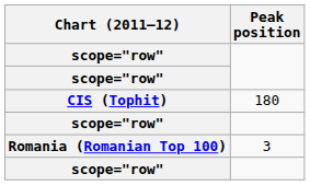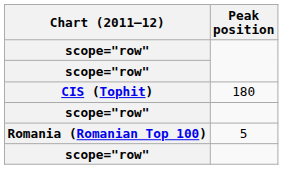 <table class="wikitable plainrowheaders sortable" style="text-align:center;">
 <tr>
 <th scope="col">Chart (2011–12)</th>
 <th scope="col">Peak<br>position</th>
 </tr>
 <tr>
 <th>scope="row"</th>
 </tr>
 <tr>
 <th>scope="row"</th>
 </tr>
 <tr>
 <th scope="row"><a href='#'>CIS</a> (<a href='#'>Tophit</a>)</th>
 <td>180</td>
 </tr>
 <tr>
 <th>scope="row"</th>
 </tr>
 <tr>
 <th scope="row">Romania (<a href='#'>Romanian Top 100</a>)</th>
-<td>3</td>
+<td>5</td>
 </tr>
 <tr>
 <th>scope="row"</th>
 </tr>
 </table>
